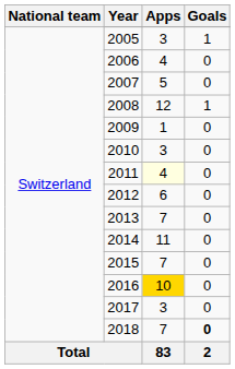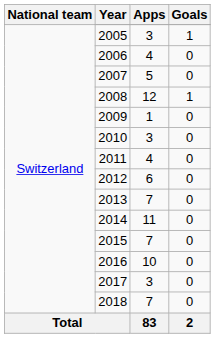 <table class="wikitable" style="text-align:center">
 <tr>
 <th>National team</th>
 <th>Year</th>
 <th>Apps</th>
 <th>Goals</th>
 </tr>
 <tr>
 <td rowspan="15"><a href='#'>Switzerland</a></td>
 </tr>
 <tr>
 <td>2005</td>
 <td>3</td>
 <td>1</td>
 </tr>
 <tr>
 <td>2006</td>
 <td>4</td>
 <td>0</td>
 </tr>
 <tr>
 <td>2007</td>
 <td>5</td>
 <td>0</td>
 </tr>
 <tr>
 <td>2008</td>
 <td>12</td>
 <td>1</td>
 </tr>
 <tr>
 <td>2009</td>
 <td>1</td>
 <td>0</td>
 </tr>
 <tr>
 <td>2010</td>
 <td>3</td>
 <td>0</td>
 </tr>
 <tr>
 <td>2011</td>
-<td style="background: lightyellow;">4</td>
+<td>4</td>
 <td>0</td>
 </tr>
 <tr>
 <td>2012</td>
 <td>6</td>
 <td>0</td>
 </tr>
 <tr>
 <td>2013</td>
 <td>7</td>
 <td>0</td>
 </tr>
 <tr>
 <td>2014</td>
 <td>11</td>
 <td>0</td>
 </tr>
 <tr>
 <td>2015</td>
 <td>7</td>
 <td>0</td>
 </tr>
 <tr>
 <td>2016</td>
-<td style="background: gold;">10</td>
+<td>10</td>
 <td>0</td>
 </tr>
 <tr>
 <td>2017</td>
 <td>3</td>
 <td>0</td>
 </tr>
 <tr>
 <td>2018</td>
 <td>7</td>
-<td><strong>0</strong></td>
+<td>0</td>
 </tr>
 <tr>
 <th colspan="2">Total</th>
 <th>83</th>
 <th>2</th>
 </tr>
 </table>
